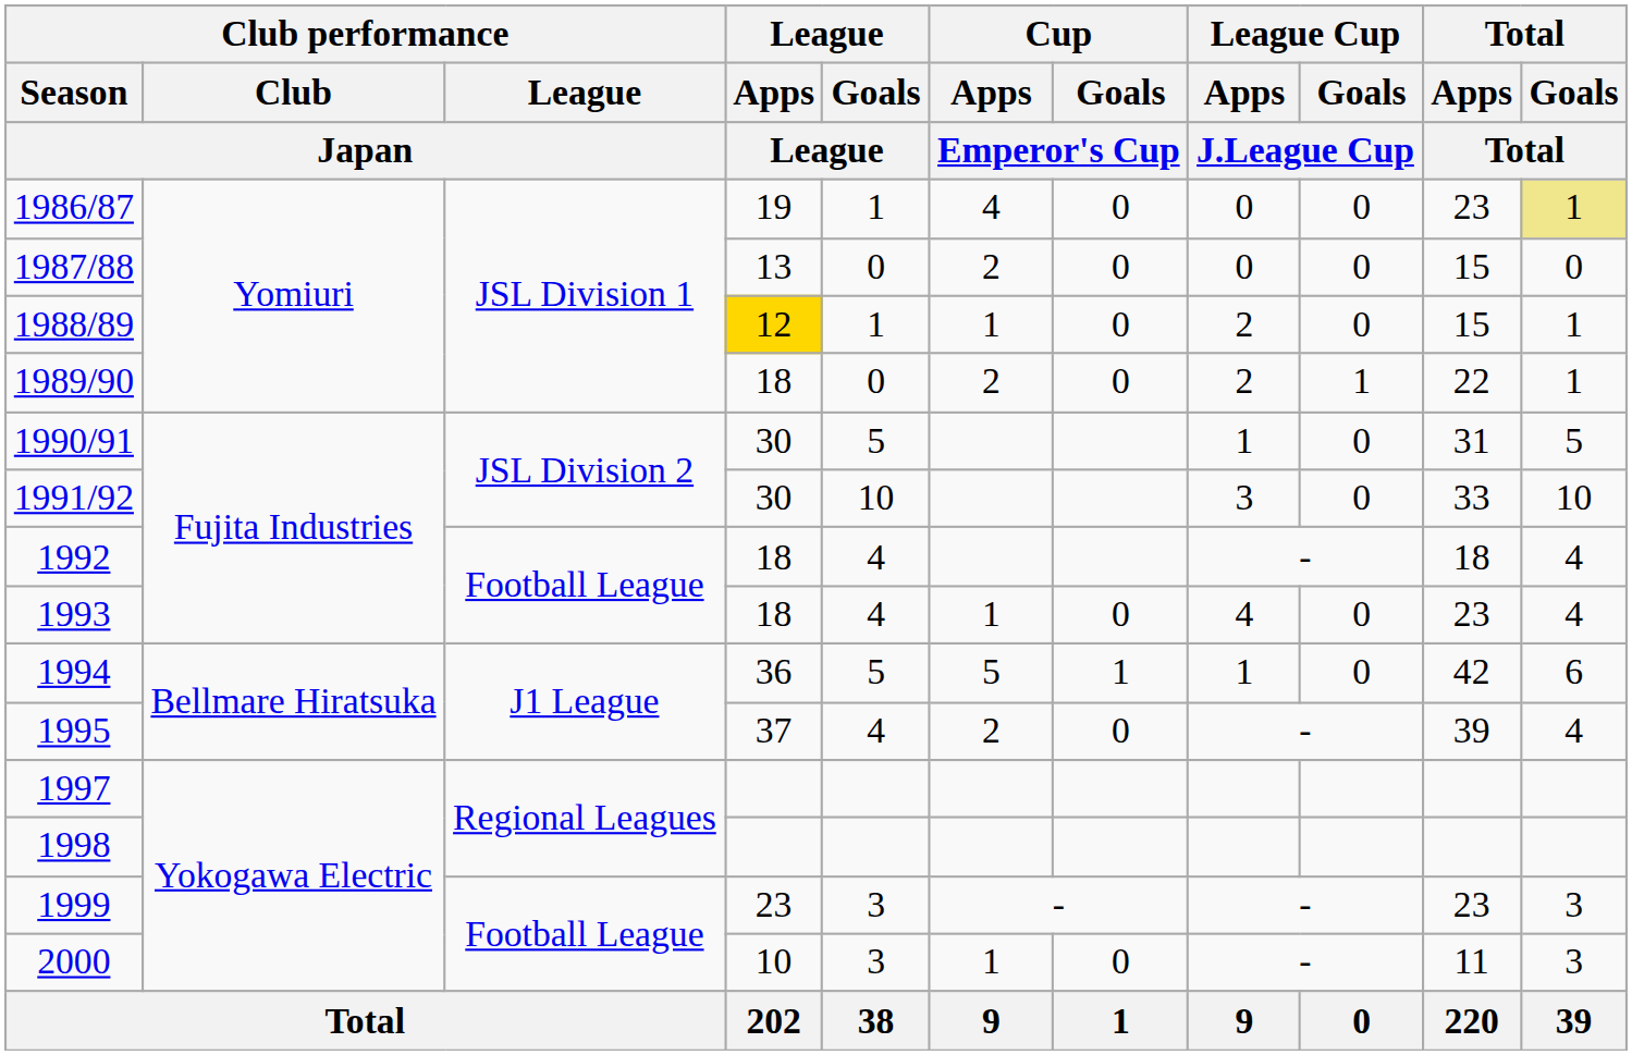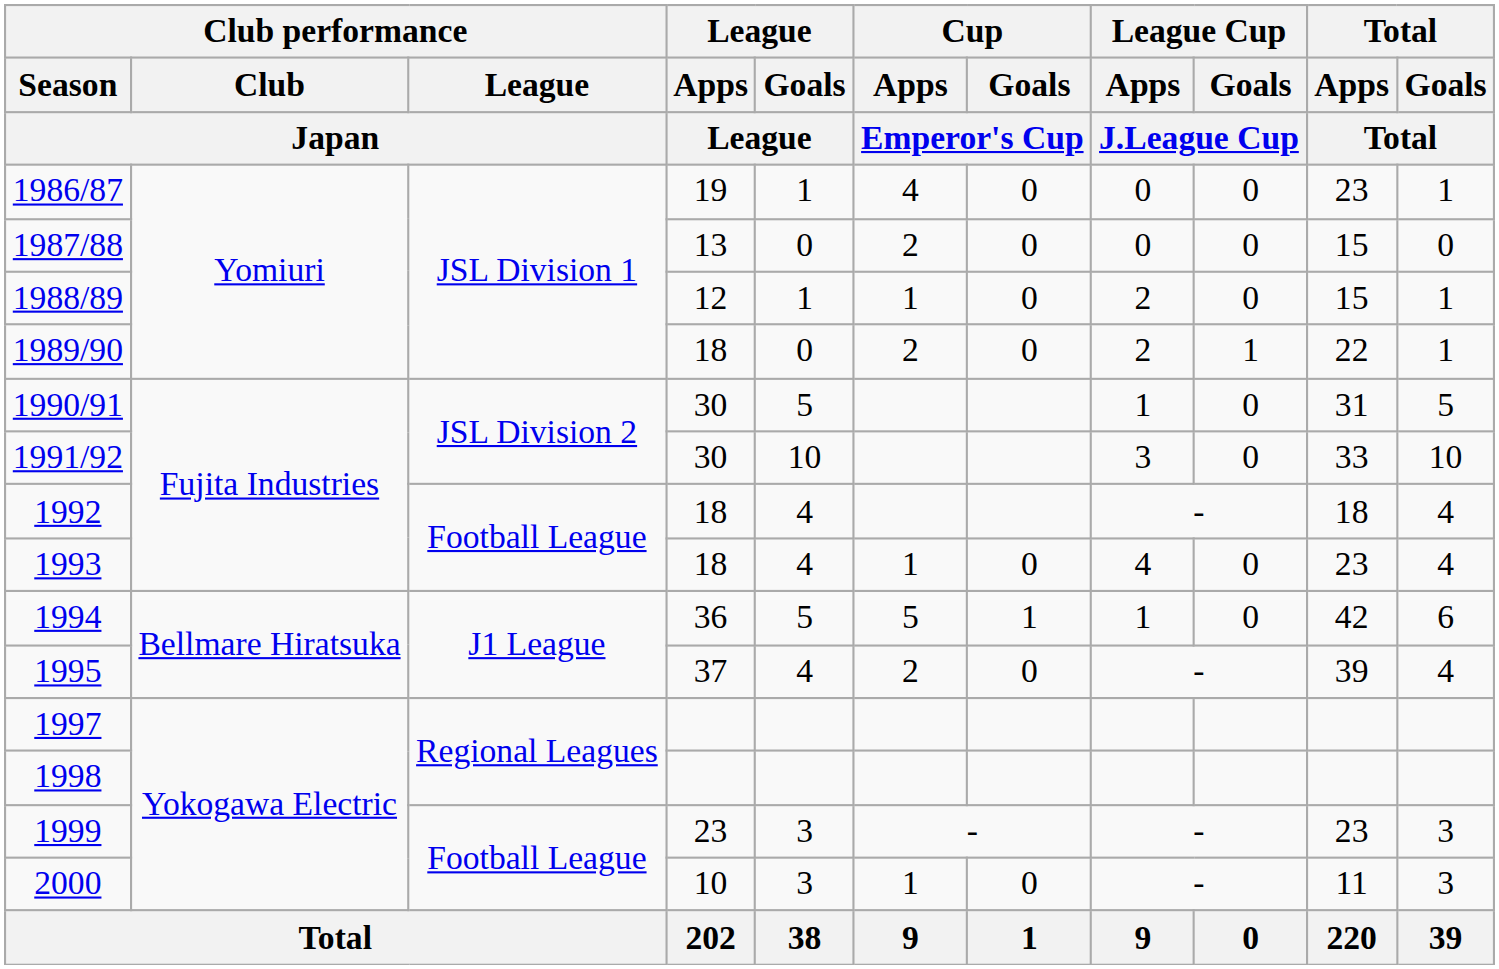 <table class="wikitable" style="text-align:center;">
 <tr>
 <th colspan=3>Club performance</th>
 <th colspan=2>League</th>
 <th colspan=2>Cup</th>
 <th colspan=2>League Cup</th>
 <th colspan=2>Total</th>
 </tr>
 <tr>
 <th>Season</th>
 <th>Club</th>
 <th>League</th>
 <th>Apps</th>
 <th>Goals</th>
 <th>Apps</th>
 <th>Goals</th>
 <th>Apps</th>
 <th>Goals</th>
 <th>Apps</th>
 <th>Goals</th>
 </tr>
 <tr>
 <th colspan=3>Japan</th>
 <th colspan=2>League</th>
 <th colspan=2><a href='#'>Emperor's Cup</a></th>
 <th colspan=2><a href='#'>J.League Cup</a></th>
 <th colspan=2>Total</th>
 </tr>
 <tr>
 <td><a href='#'>1986/87</a></td>
 <td rowspan="4"><a href='#'>Yomiuri</a></td>
 <td rowspan="4"><a href='#'>JSL Division 1</a></td>
 <td>19</td>
 <td>1</td>
 <td>4</td>
 <td>0</td>
 <td>0</td>
 <td>0</td>
 <td>23</td>
-<td style="background: khaki;">1</td>
+<td>1</td>
 </tr>
 <tr>
 <td><a href='#'>1987/88</a></td>
 <td>13</td>
 <td>0</td>
 <td>2</td>
 <td>0</td>
 <td>0</td>
 <td>0</td>
 <td>15</td>
 <td>0</td>
 </tr>
 <tr>
 <td><a href='#'>1988/89</a></td>
-<td style="background: gold;">12</td>
+<td>12</td>
 <td>1</td>
 <td>1</td>
 <td>0</td>
 <td>2</td>
 <td>0</td>
 <td>15</td>
 <td>1</td>
 </tr>
 <tr>
 <td><a href='#'>1989/90</a></td>
 <td>18</td>
 <td>0</td>
 <td>2</td>
 <td>0</td>
 <td>2</td>
 <td>1</td>
 <td>22</td>
 <td>1</td>
 </tr>
 <tr>
 <td><a href='#'>1990/91</a></td>
 <td rowspan="4"><a href='#'>Fujita Industries</a></td>
 <td rowspan="2"><a href='#'>JSL Division 2</a></td>
 <td>30</td>
 <td>5</td>
 <td></td>
 <td></td>
 <td>1</td>
 <td>0</td>
 <td>31</td>
 <td>5</td>
 </tr>
 <tr>
 <td><a href='#'>1991/92</a></td>
 <td>30</td>
 <td>10</td>
 <td></td>
 <td></td>
 <td>3</td>
 <td>0</td>
 <td>33</td>
 <td>10</td>
 </tr>
 <tr>
 <td><a href='#'>1992</a></td>
 <td rowspan="2"><a href='#'>Football League</a></td>
 <td>18</td>
 <td>4</td>
 <td></td>
 <td></td>
 <td colspan="2">-</td>
 <td>18</td>
 <td>4</td>
 </tr>
 <tr>
 <td><a href='#'>1993</a></td>
 <td>18</td>
 <td>4</td>
 <td>1</td>
 <td>0</td>
 <td>4</td>
 <td>0</td>
 <td>23</td>
 <td>4</td>
 </tr>
 <tr>
 <td><a href='#'>1994</a></td>
 <td rowspan="2"><a href='#'>Bellmare Hiratsuka</a></td>
 <td rowspan="2"><a href='#'>J1 League</a></td>
 <td>36</td>
 <td>5</td>
 <td>5</td>
 <td>1</td>
 <td>1</td>
 <td>0</td>
 <td>42</td>
 <td>6</td>
 </tr>
 <tr>
 <td><a href='#'>1995</a></td>
 <td>37</td>
 <td>4</td>
 <td>2</td>
 <td>0</td>
 <td colspan="2">-</td>
 <td>39</td>
 <td>4</td>
 </tr>
 <tr>
 <td><a href='#'>1997</a></td>
 <td rowspan="4"><a href='#'>Yokogawa Electric</a></td>
 <td rowspan="2"><a href='#'>Regional Leagues</a></td>
 <td></td>
 <td></td>
 <td></td>
 <td></td>
 <td></td>
 <td></td>
 <td></td>
 <td></td>
 </tr>
 <tr>
 <td><a href='#'>1998</a></td>
 <td></td>
 <td></td>
 <td></td>
 <td></td>
 <td></td>
 <td></td>
 <td></td>
 <td></td>
 </tr>
 <tr>
 <td><a href='#'>1999</a></td>
 <td rowspan="2"><a href='#'>Football League</a></td>
 <td>23</td>
 <td>3</td>
 <td colspan="2">-</td>
 <td colspan="2">-</td>
 <td>23</td>
 <td>3</td>
 </tr>
 <tr>
 <td><a href='#'>2000</a></td>
 <td>10</td>
 <td>3</td>
 <td>1</td>
 <td>0</td>
 <td colspan="2">-</td>
 <td>11</td>
 <td>3</td>
 </tr>
 <tr>
 <th colspan=3>Total</th>
 <th>202</th>
 <th>38</th>
 <th>9</th>
 <th>1</th>
 <th>9</th>
 <th>0</th>
 <th>220</th>
 <th>39</th>
 </tr>
 </table>
